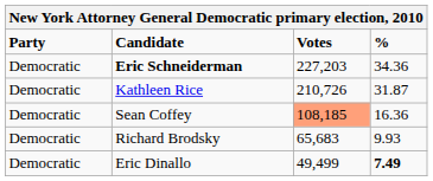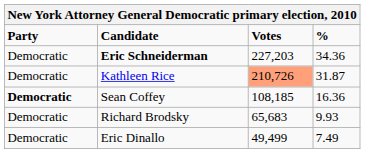 <table class="wikitable">
 <tr>
 <th colspan="4">New York Attorney General Democratic primary election, 2010</th>
 </tr>
 <tr>
 <td><strong>Party</strong></td>
 <td><strong>Candidate</strong></td>
 <td><strong>Votes</strong></td>
 <td><strong>%</strong></td>
 </tr>
 <tr>
 <td>Democratic</td>
 <td><strong>Eric Schneiderman</strong></td>
 <td>227,203</td>
 <td>34.36</td>
 </tr>
 <tr>
 <td>Democratic</td>
 <td><a href='#'>Kathleen Rice</a></td>
-<td>210,726</td>
+<td style="background: lightsalmon;">210,726</td>
 <td>31.87</td>
 </tr>
 <tr>
-<td>Democratic</td>
+<td><strong>Democratic</strong></td>
 <td>Sean Coffey</td>
-<td style="background: lightsalmon;">108,185</td>
+<td>108,185</td>
 <td>16.36</td>
 </tr>
 <tr>
 <td>Democratic</td>
 <td>Richard Brodsky</td>
 <td>65,683</td>
 <td>9.93</td>
 </tr>
 <tr>
 <td>Democratic</td>
 <td>Eric Dinallo</td>
 <td>49,499</td>
-<td><strong>7.49</strong></td>
+<td>7.49</td>
 </tr>
 </table>
